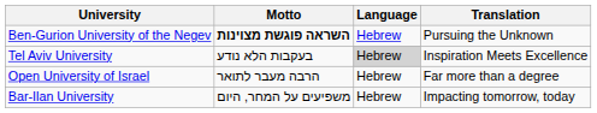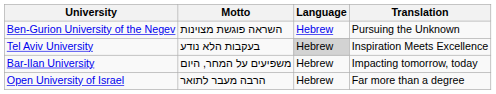 <table class="wikitable sortable plainrowheaders">
 <tr>
 <th>University</th>
 <th>Motto</th>
 <th>Language</th>
 <th>Translation</th>
 </tr>
 <tr>
 <td><a href='#'>Ben-Gurion University of the Negev</a></td>
-<td><strong>השראה פוגשת מצוינות‎</strong></td>
+<td>השראה פוגשת מצוינות‎</td>
 <td><a href='#'>Hebrew</a></td>
 <td>Pursuing the Unknown</td>
 </tr>
 <tr>
 <td><a href='#'>Tel Aviv University</a></td>
 <td>בעקבות הלא נודע‎</td>
 <td style="background: lightgrey;">Hebrew</td>
 <td>Inspiration Meets Excellence</td>
 </tr>
 <tr>
+<td><a href='#'>Bar-Ilan University</a></td>
+<td>משפיעים על המחר, היום‎</td>
+<td>Hebrew</td>
+<td>Impacting tomorrow, today</td>
+</tr>
+<tr>
 <td><a href='#'>Open University of Israel</a></td>
 <td>הרבה מעבר לתואר‎</td>
 <td>Hebrew</td>
 <td>Far more than a degree</td>
 </tr>
-<tr>
-<td><a href='#'>Bar-Ilan University</a></td>
-<td>משפיעים על המחר, היום‎</td>
-<td>Hebrew</td>
-<td>Impacting tomorrow, today</td>
-</tr>
 </table>
